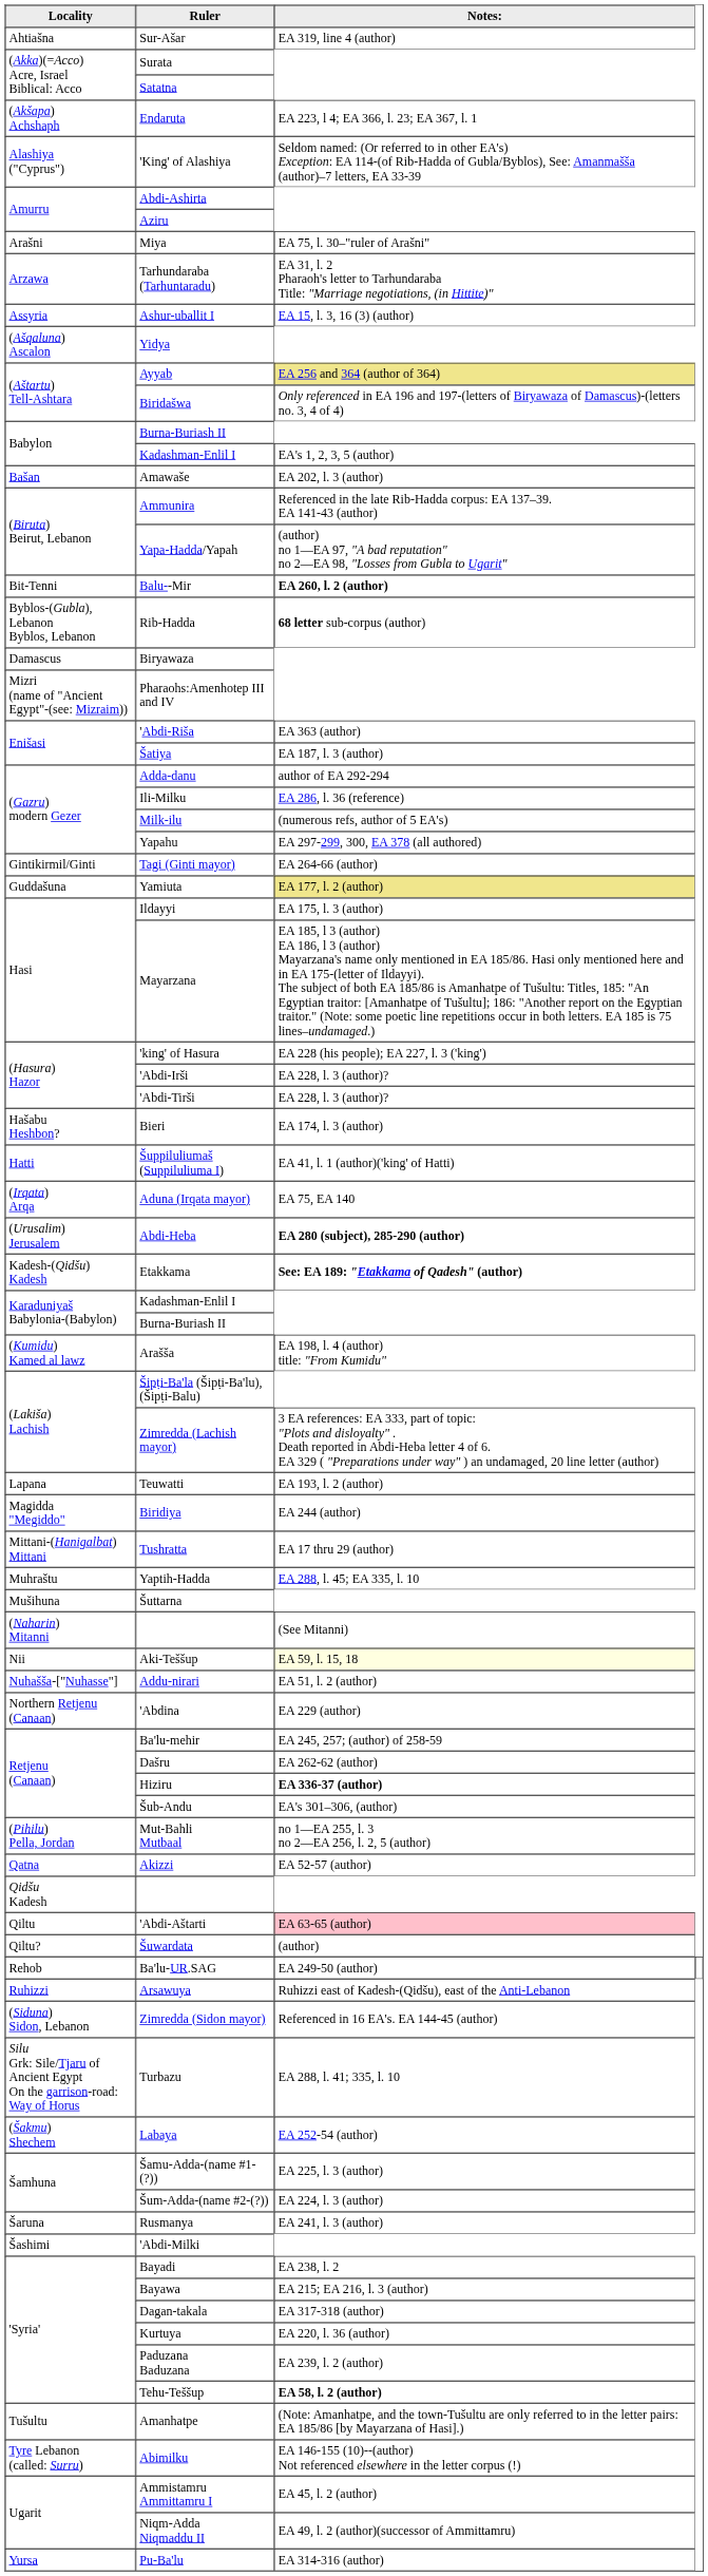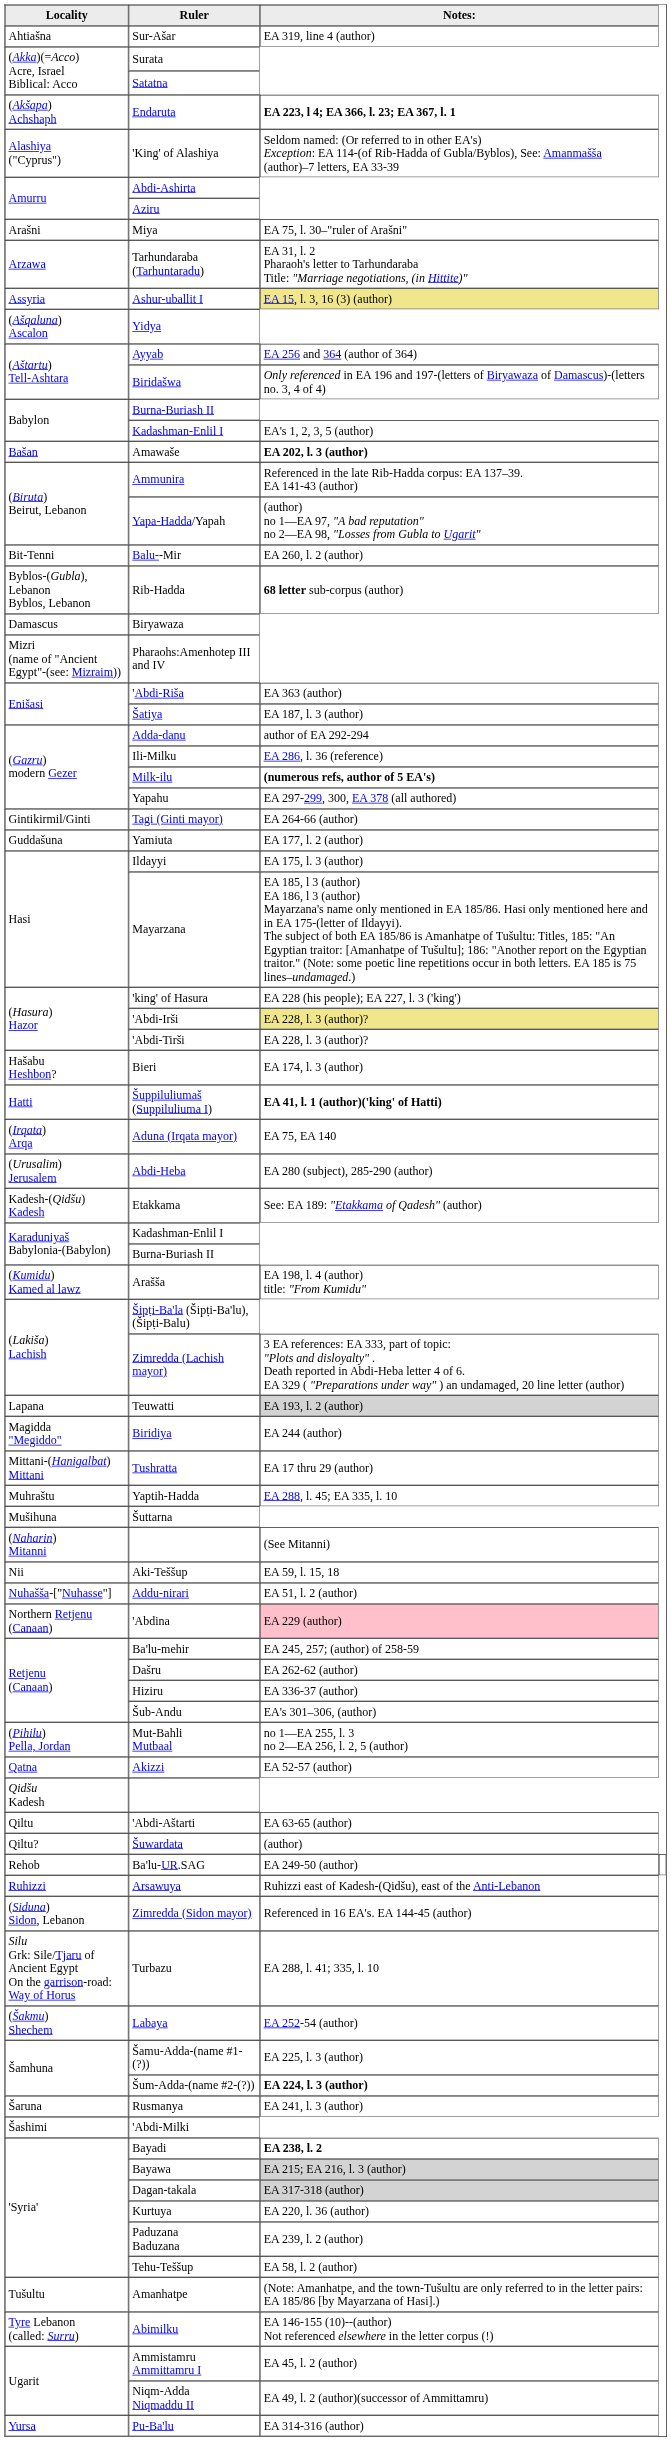 <table cellspacing=0 cellpadding=4 border=1>
 <tr bgcolor="#ececec" style="text-align:center;">
 <th>Locality</th>
 <th>Ruler</th>
 <th>Notes:</th>
 </tr>
 <tr>
 <td>Ahtiašna</td>
 <td>Sur-Ašar</td>
 <td>EA 319, line 4 (author)</td>
 </tr>
 <tr>
 <td rowspan="2">(<em><a href='#'>Akka</a></em>)(=<em>Acco</em>)<br>Acre, Israel<br>Biblical: Acco</td>
 <td>Surata</td>
 </tr>
 <tr>
 <td><a href='#'>Satatna</a></td>
 </tr>
 <tr>
 <td>(<em><a href='#'>Akšapa</a></em>)<br><a href='#'>Achshaph</a></td>
 <td><a href='#'>Endaruta</a></td>
-<td>EA 223, l 4; EA 366, l. 23; EA 367, l. 1</td>
+<td><strong>EA 223, l 4; EA 366, l. 23; EA 367, l. 1</strong></td>
 </tr>
 <tr>
 <td><a href='#'>Alashiya</a><br>("Cyprus")</td>
 <td>'King' of Alashiya</td>
 <td>Seldom named: (Or referred to in other EA's)<br><em>Exception</em>: EA 114-(of Rib-Hadda of Gubla/Byblos), See: <a href='#'>Amanmašša</a><br>(author)–7 letters, EA 33-39</td>
 </tr>
 <tr>
 <td rowspan="2"><a href='#'>Amurru</a></td>
 <td><a href='#'>Abdi-Ashirta</a></td>
 </tr>
 <tr>
 <td><a href='#'>Aziru</a></td>
 </tr>
 <tr>
 <td>Arašni</td>
 <td>Miya</td>
 <td>EA 75, l. 30–"ruler of Arašni"</td>
 </tr>
 <tr>
 <td><a href='#'>Arzawa</a></td>
 <td>Tarhundaraba (<a href='#'>Tarhuntaradu</a>)</td>
 <td>EA 31, l. 2<br>Pharaoh's letter to Tarhundaraba<br>Title: <em>"Marriage negotiations, (in <a href='#'>Hittite</a>)"</em></td>
 </tr>
 <tr>
 <td><a href='#'>Assyria</a></td>
 <td><a href='#'>Ashur-uballit I</a></td>
-<td><a href='#'>EA 15</a>, l. 3, 16 (3) (author)</td>
+<td style="background: khaki;"><a href='#'>EA 15</a>, l. 3, 16 (3) (author)</td>
 </tr>
 <tr>
 <td>(<em><a href='#'>Ašqaluna</a></em>)<br><a href='#'>Ascalon</a></td>
 <td><a href='#'>Yidya</a></td>
 </tr>
 <tr>
 <td rowspan="2">(<em><a href='#'>Aštartu</a></em>)<br><a href='#'>Tell-Ashtara</a></td>
 <td><a href='#'>Ayyab</a></td>
-<td style="background: khaki;"><a href='#'>EA 256</a> and <a href='#'>364</a> (author of 364)</td>
+<td><a href='#'>EA 256</a> and <a href='#'>364</a> (author of 364)</td>
 </tr>
 <tr>
 <td><a href='#'>Biridašwa</a></td>
 <td><em>Only referenced</em> in EA 196 and 197-(letters of <a href='#'>Biryawaza</a> of <a href='#'>Damascus</a>)-(letters no. 3, 4 of 4)</td>
 </tr>
 <tr>
 <td rowspan="2">Babylon</td>
 <td><a href='#'>Burna-Buriash II</a></td>
 </tr>
 <tr>
 <td><a href='#'>Kadashman-Enlil I</a></td>
 <td>EA's 1, 2, 3, 5 (author)</td>
 </tr>
 <tr>
 <td><a href='#'>Bašan</a></td>
 <td>Amawaše</td>
-<td>EA 202, l. 3 (author)</td>
+<td><strong>EA 202, l. 3 (author)</strong></td>
 </tr>
 <tr>
 <td rowspan="2">(<em><a href='#'>Biruta</a></em>)<br>Beirut, Lebanon</td>
 <td><a href='#'>Ammunira</a></td>
 <td>Referenced in the late Rib-Hadda corpus: EA 137–39.<br>EA 141-43 (author)</td>
 </tr>
 <tr>
 <td><a href='#'>Yapa-Hadda</a>/Yapah</td>
 <td>(author)<br>no 1—EA 97, <em>"A bad reputation"</em><br>no 2—EA 98, <em>"Losses from Gubla to <a href='#'>Ugarit</a>"</em></td>
 </tr>
 <tr>
 <td>Bit-Tenni</td>
 <td><a href='#'>Balu-</a>-Mir</td>
-<td><strong>EA 260, l. 2 (author)</strong></td>
+<td>EA 260, l. 2 (author)</td>
 </tr>
 <tr>
 <td>Byblos-(<em>Gubla</em>), Lebanon<br>Byblos, Lebanon</td>
 <td>Rib-Hadda</td>
 <td><strong>68 letter</strong> sub-corpus (author)</td>
 </tr>
 <tr>
 <td>Damascus</td>
 <td>Biryawaza</td>
 </tr>
 <tr>
 <td>Mizri<br>(name of "Ancient Egypt"-(see: <a href='#'>Mizraim</a>))</td>
 <td>Pharaohs:Amenhotep III and IV</td>
 </tr>
 <tr>
 <td rowspan="2"><a href='#'>Enišasi</a></td>
 <td>'<a href='#'>Abdi-Riša</a></td>
 <td>EA 363 (author)</td>
 </tr>
 <tr>
 <td><a href='#'>Šatiya</a></td>
 <td>EA 187, l. 3 (author)</td>
 </tr>
 <tr>
 <td rowspan="4">(<em><a href='#'>Gazru</a></em>)<br>modern <a href='#'>Gezer</a></td>
 <td><a href='#'>Adda-danu</a></td>
 <td>author of EA 292-294</td>
 </tr>
 <tr>
 <td>Ili-Milku</td>
 <td><a href='#'>EA 286</a>, l. 36 (reference)</td>
 </tr>
 <tr>
 <td><a href='#'>Milk-ilu</a></td>
-<td>(numerous refs, author of 5 EA's)</td>
+<td><strong>(numerous refs, author of 5 EA's)</strong></td>
 </tr>
 <tr>
 <td>Yapahu</td>
 <td>EA 297-<a href='#'>299</a>, 300, <a href='#'>EA 378</a> (all authored)</td>
 </tr>
 <tr>
 <td>Gintikirmil/Ginti</td>
 <td><a href='#'>Tagi (Ginti mayor)</a></td>
 <td>EA 264-66 (author)</td>
 </tr>
 <tr>
 <td>Guddašuna</td>
 <td>Yamiuta</td>
-<td style="background: khaki;">EA 177, l. 2 (author)</td>
+<td>EA 177, l. 2 (author)</td>
 </tr>
 <tr>
 <td rowspan="2">Hasi</td>
 <td>Ildayyi</td>
 <td>EA 175, l. 3 (author)</td>
 </tr>
 <tr>
 <td>Mayarzana</td>
 <td>EA 185, l 3 (author)<br>EA 186, l 3 (author)<br>Mayarzana's name only mentioned in EA 185/86. Hasi only mentioned here and in EA 175-(letter of Ildayyi).<br>The subject of both EA 185/86 is Amanhatpe of Tušultu: Titles, 185: "An Egyptian traitor: [Amanhatpe of Tušultu]; 186: "Another report on the Egyptian traitor." (Note: some poetic line repetitions occur in both letters. EA 185 is 75 lines–<em>undamaged</em>.)</td>
 </tr>
 <tr>
 <td rowspan="3">(<em>Hasura</em>)<br><a href='#'>Hazor</a></td>
 <td>'king' of Hasura</td>
 <td>EA 228 (his people); EA 227, l. 3 ('king')</td>
 </tr>
 <tr>
 <td>'Abdi-Irši</td>
-<td>EA 228, l. 3 (author)?</td>
+<td style="background: khaki;">EA 228, l. 3 (author)?</td>
 </tr>
 <tr>
 <td>'Abdi-Tirši</td>
 <td>EA 228, l. 3 (author)?</td>
 </tr>
 <tr>
 <td>Hašabu<br><a href='#'>Heshbon</a>?</td>
 <td>Bieri</td>
 <td>EA 174, l. 3 (author)</td>
 </tr>
 <tr>
 <td><a href='#'>Hatti</a></td>
 <td><a href='#'>Šuppiluliumaš</a><br>(<a href='#'>Suppiluliuma I</a>)</td>
-<td>EA 41, l. 1 (author)('king' of Hatti)</td>
+<td><strong>EA 41, l. 1 (author)('king' of Hatti)</strong></td>
 </tr>
 <tr>
 <td>(<em><a href='#'>Irqata</a></em>)<br><a href='#'>Arqa</a></td>
 <td><a href='#'>Aduna (Irqata mayor)</a></td>
 <td>EA 75, EA 140</td>
 </tr>
 <tr>
 <td>(<em>Urusalim</em>) <br><a href='#'>Jerusalem</a></td>
 <td><a href='#'>Abdi-Heba</a></td>
-<td><strong>EA 280 (subject), 285-290 (author)</strong></td>
+<td>EA 280 (subject), 285-290 (author)</td>
 </tr>
 <tr>
 <td>Kadesh-(<em>Qidšu</em>)<br><a href='#'>Kadesh</a></td>
 <td>Etakkama</td>
-<td><strong>See: EA 189: <em>"<a href='#'>Etakkama</a> of Qadesh"</em> (author)</strong></td>
+<td>See: EA 189: <em>"<a href='#'>Etakkama</a> of Qadesh"</em> (author)</td>
 </tr>
 <tr>
 <td rowspan="2"><a href='#'>Karaduniyaš</a><br>Babylonia-(Babylon)</td>
 <td>Kadashman-Enlil I</td>
 </tr>
 <tr>
 <td>Burna-Buriash II</td>
 </tr>
 <tr>
 <td>(<em><a href='#'>Kumidu</a></em>)<br><a href='#'>Kamed al lawz</a></td>
 <td>Arašša</td>
 <td>EA 198, l. 4 (author)<br>title: <em>"From Kumidu"</em></td>
 </tr>
 <tr>
 <td rowspan="2">(<em>Lakiša</em>)<br><a href='#'>Lachish</a></td>
 <td><a href='#'>Šipṭi-Ba'la</a> (Šipṭi-Ba'lu), (Šipṭi-Balu)</td>
 </tr>
 <tr>
 <td><a href='#'>Zimredda (Lachish mayor)</a></td>
 <td>3 EA references: EA 333, part of topic: <br><em> "Plots and disloyalty" </em>.<br>Death reported in Abdi-Heba letter 4 of 6. <br>EA 329 (<em> "Preparations under way" </em>) an undamaged, 20 line letter (author)</td>
 </tr>
 <tr>
 <td>Lapana</td>
 <td>Teuwatti</td>
-<td>EA 193, l. 2 (author)</td>
+<td style="background: lightgrey;">EA 193, l. 2 (author)</td>
 </tr>
 <tr>
 <td>Magidda<br><a href='#'>"Megiddo"</a></td>
 <td><a href='#'>Biridiya</a></td>
 <td>EA 244 (author)</td>
 </tr>
 <tr>
 <td>Mittani-(<em><a href='#'>Hanigalbat</a></em>)<br><a href='#'>Mittani</a></td>
 <td><a href='#'>Tushratta</a></td>
 <td>EA 17 thru 29 (author)</td>
 </tr>
 <tr>
 <td>Muhraštu</td>
 <td>Yaptih-Hadda</td>
 <td><a href='#'>EA 288</a>, l. 45; EA 335, l. 10</td>
 </tr>
 <tr>
 <td>Mušihuna</td>
 <td>Šuttarna</td>
 </tr>
 <tr>
 <td>(<em><a href='#'>Naharin</a></em>)<br><a href='#'>Mitanni</a></td>
 <td></td>
 <td>(See Mitanni)</td>
 </tr>
 <tr>
 <td>Nii</td>
 <td>Aki-Teššup</td>
-<td style="background: lightyellow;">EA 59, l. 15, 18</td>
+<td>EA 59, l. 15, 18</td>
 </tr>
 <tr>
 <td><a href='#'>Nuhašša</a>-["<a href='#'>Nuhasse</a>"]</td>
 <td><a href='#'>Addu-nirari</a></td>
 <td>EA 51, l. 2 (author)</td>
 </tr>
 <tr>
 <td>Northern <a href='#'>Retjenu</a><br>(<a href='#'>Canaan</a>)</td>
 <td>'Abdina</td>
-<td>EA 229 (author)</td>
+<td style="background: pink;">EA 229 (author)</td>
 </tr>
 <tr>
 <td rowspan="4"><a href='#'>Retjenu</a><br>(<a href='#'>Canaan</a>)</td>
 <td>Ba'lu-mehir</td>
 <td>EA 245, 257; (author) of 258-59</td>
 </tr>
 <tr>
 <td>Dašru</td>
 <td>EA 262-62 (author)</td>
 </tr>
 <tr>
 <td>Hiziru</td>
-<td><strong>EA 336-37 (author)</strong></td>
+<td>EA 336-37 (author)</td>
 </tr>
 <tr>
 <td>Šub-Andu</td>
 <td>EA's 301–306, (author)</td>
 </tr>
 <tr>
 <td>(<em><a href='#'>Pihilu</a></em>)<br><a href='#'>Pella, Jordan</a></td>
 <td>Mut-Bahli<br><a href='#'>Mutbaal</a></td>
 <td>no 1—EA 255, l. 3<br>no 2—EA 256, l. 2, 5 (author)</td>
 </tr>
 <tr>
 <td><a href='#'>Qatna</a></td>
 <td><a href='#'>Akizzi</a></td>
 <td>EA 52-57 (author)</td>
 </tr>
 <tr>
 <td><em>Qidšu</em><br>Kadesh</td>
 <td></td>
 </tr>
 <tr>
 <td>Qiltu</td>
 <td>'Abdi-Aštarti</td>
-<td style="background: pink;">EA 63-65 (author)</td>
+<td>EA 63-65 (author)</td>
 </tr>
 <tr>
 <td>Qiltu?</td>
 <td><a href='#'>Šuwardata</a></td>
 <td>(author)</td>
 </tr>
 <tr>
 <td>Rehob</td>
 <td>Ba'lu-<a href='#'>UR</a>.SAG</td>
 <td>EA 249-50 (author)</td>
 <td></td>
 </tr>
 <tr>
 <td><a href='#'>Ruhizzi</a></td>
 <td><a href='#'>Arsawuya</a></td>
 <td>Ruhizzi east of Kadesh-(Qidšu), east of the <a href='#'>Anti-Lebanon</a></td>
 </tr>
 <tr>
 <td>(<em><a href='#'>Siduna</a></em>)<br><a href='#'>Sidon</a>, Lebanon</td>
 <td><a href='#'>Zimredda (Sidon mayor)</a></td>
 <td>Referenced in 16 EA's. EA 144-45 (author)</td>
 </tr>
 <tr>
 <td><em>Silu</em><br>Grk: Sile/<a href='#'>Tjaru</a> of Ancient Egypt<br>On the <a href='#'>garrison</a>-road: <a href='#'>Way of Horus</a></td>
 <td>Turbazu</td>
 <td>EA 288, l. 41; 335, l. 10</td>
 </tr>
 <tr>
 <td>(<em><a href='#'>Šakmu</a></em>)<br><a href='#'>Shechem</a></td>
 <td><a href='#'>Labaya</a></td>
 <td><a href='#'>EA 252</a>-54 (author)</td>
 </tr>
 <tr>
 <td rowspan="2">Šamhuna</td>
 <td>Šamu-Adda-(name #1-(?))</td>
 <td>EA 225, l. 3 (author)</td>
 </tr>
 <tr>
 <td>Šum-Adda-(name #2-(?))</td>
-<td>EA 224, l. 3 (author)</td>
+<td><strong>EA 224, l. 3 (author)</strong></td>
 </tr>
 <tr>
 <td>Šaruna</td>
 <td>Rusmanya</td>
 <td>EA 241, l. 3 (author)</td>
 </tr>
 <tr>
 <td>Šashimi</td>
 <td>'Abdi-Milki</td>
 </tr>
 <tr>
 <td rowspan="6">'Syria'</td>
 <td>Bayadi</td>
-<td>EA 238, l. 2</td>
+<td><strong>EA 238, l. 2</strong></td>
 </tr>
 <tr>
 <td>Bayawa</td>
-<td>EA 215; EA 216, l. 3 (author)</td>
+<td style="background: lightgrey;">EA 215; EA 216, l. 3 (author)</td>
 </tr>
 <tr>
 <td>Dagan-takala</td>
-<td>EA 317-318 (author)</td>
+<td style="background: lightgrey;">EA 317-318 (author)</td>
 </tr>
 <tr>
 <td>Kurtuya</td>
 <td>EA 220, l. 36 (author)</td>
 </tr>
 <tr>
 <td>Paduzana<br>Baduzana</td>
 <td>EA 239, l. 2 (author)</td>
 </tr>
 <tr>
 <td>Tehu-Teššup</td>
-<td><strong>EA 58, l. 2 (author)</strong></td>
+<td>EA 58, l. 2 (author)</td>
 </tr>
 <tr>
 <td>Tušultu</td>
 <td>Amanhatpe</td>
 <td>(Note: Amanhatpe, and the town-Tušultu are only referred to in the letter pairs: EA 185/86 [by Mayarzana of Hasi].)</td>
 </tr>
 <tr>
 <td><a href='#'>Tyre</a> Lebanon<br>(called: <em><a href='#'>Surru</a></em>)</td>
 <td><a href='#'>Abimilku</a></td>
 <td>EA 146-155 (10)--(author)<br>Not referenced <em>elsewhere</em> in the letter corpus (!)</td>
 </tr>
 <tr>
 <td rowspan="2">Ugarit</td>
 <td>Ammistamru<br><a href='#'>Ammittamru I</a></td>
 <td>EA 45, l. 2 (author)</td>
 </tr>
 <tr>
 <td>Niqm-Adda<br><a href='#'>Niqmaddu II</a></td>
 <td>EA 49, l. 2 (author)(successor of Ammittamru)</td>
 </tr>
 <tr>
 <td><a href='#'>Yursa</a></td>
 <td><a href='#'>Pu-Ba'lu</a></td>
 <td>EA 314-316 (author)</td>
 </tr>
 </table>
